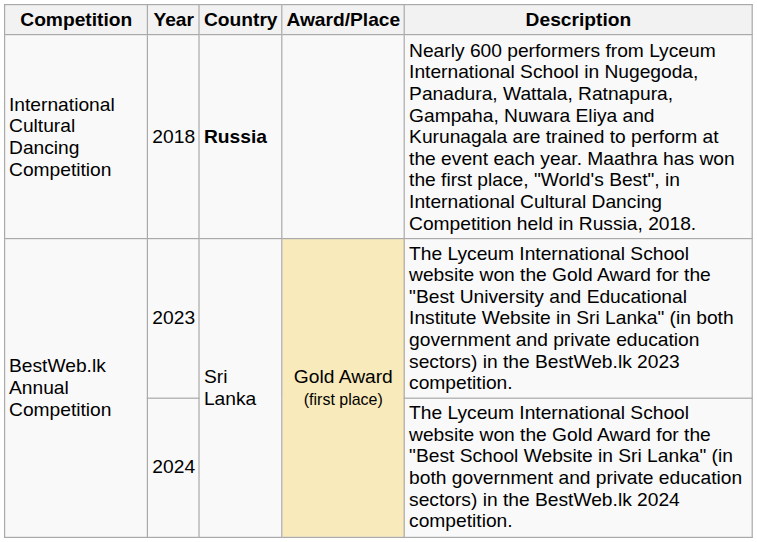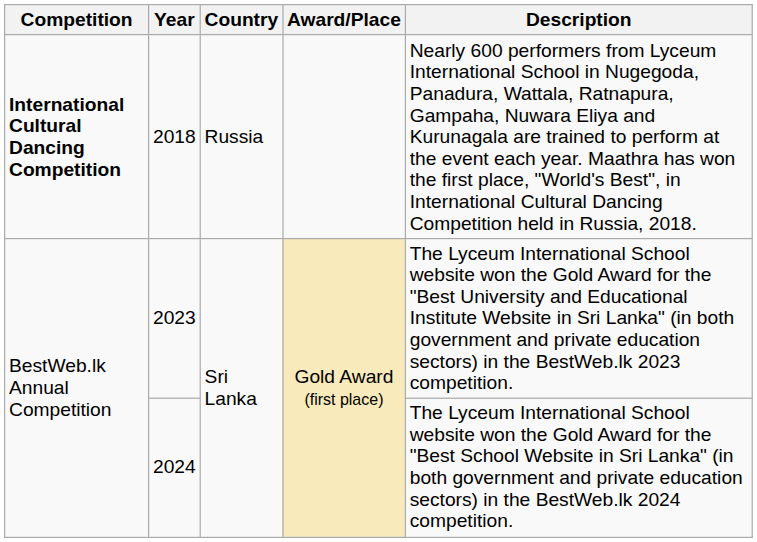 <table class="wikitable" style=width:100%>
 <tr>
 <th style=width:20%>Competition</th>
 <th style=width:5%>Year</th>
 <th style=width:10%>Country</th>
 <th style=width:10%>Award/Place</th>
 <th style=width:55%>Description</th>
 </tr>
 <tr>
-<td>International Cultural Dancing Competition</td>
+<td><strong>International Cultural Dancing Competition</strong></td>
 <td>2018</td>
-<td><strong>Russia</strong></td>
+<td>Russia</td>
 <td></td>
 <td>Nearly 600 performers from Lyceum International School in Nugegoda, Panadura, Wattala, Ratnapura, Gampaha, Nuwara Eliya and Kurunagala are trained to perform at the event each year. Maathra has won the first place, "World's Best", in International Cultural Dancing Competition held in Russia, 2018.</td>
 </tr>
 <tr>
 <td rowspan=2>BestWeb.lk Annual Competition</td>
 <td>2023</td>
 <td rowspan=2>Sri Lanka</td>
 <td rowspan=2 style="background: #F8EABA; color: #000; vertical-align: middle; text-align: center; " class="yes table-yes2 notheme">Gold Award<br><small>(first place)</small></td>
 <td>The Lyceum International School website won the Gold Award for the "Best University and Educational Institute Website in Sri Lanka" (in both government and private education sectors) in the BestWeb.lk 2023 competition.</td>
 </tr>
 <tr>
 <td>2024</td>
 <td>The Lyceum International School website won the Gold Award for the "Best School Website in Sri Lanka" (in both government and private education sectors) in the BestWeb.lk 2024 competition.</td>
 </tr>
 </table>
